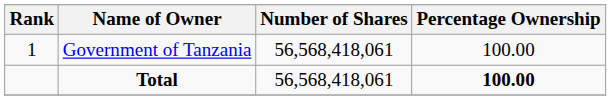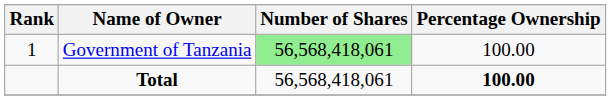 <table class="wikitable sortable" style="margin-left:auto;margin-right:auto">
 <tr>
 </tr>
 <tr>
 <th style="width:2em;">Rank</th>
 <th>Name of Owner</th>
 <th>Number of Shares</th>
 <th>Percentage Ownership</th>
 </tr>
 <tr>
 <td align="center">1</td>
 <td align="center"><a href='#'>Government of Tanzania</a></td>
-<td align="center">56,568,418,061</td>
+<td align="center" style="background: lightgreen;">56,568,418,061</td>
 <td align="center">100.00</td>
 </tr>
 <tr>
 <td align="center"></td>
 <td align="center"><strong>Total</strong></td>
 <td align="center">56,568,418,061</td>
 <td align="center"><strong>100.00</strong></td>
 </tr>
 <tr>
 </tr>
 </table>
